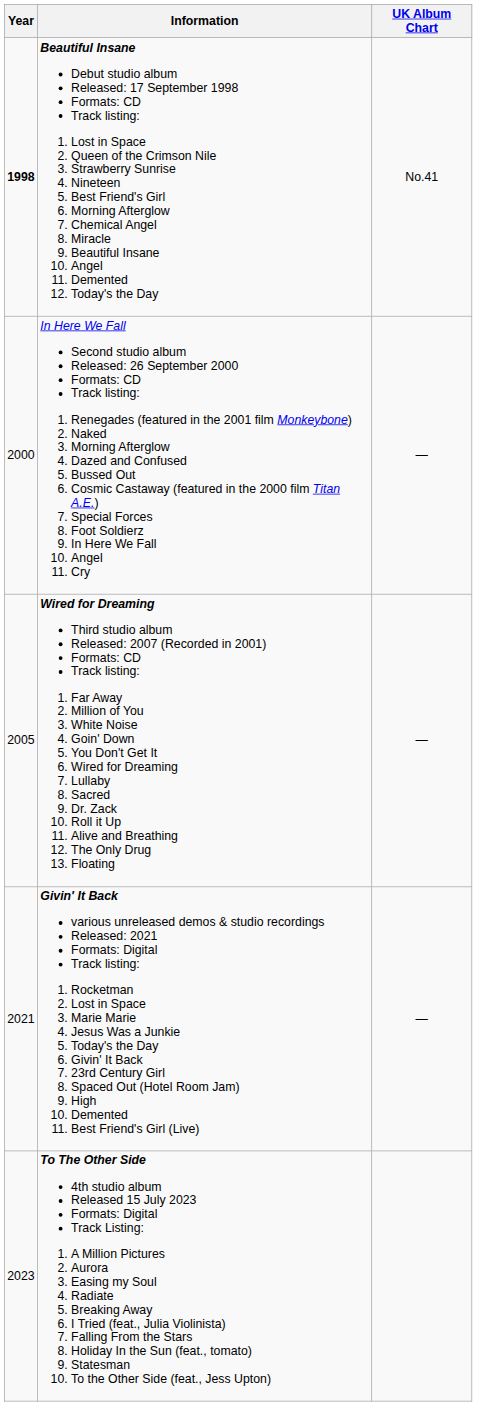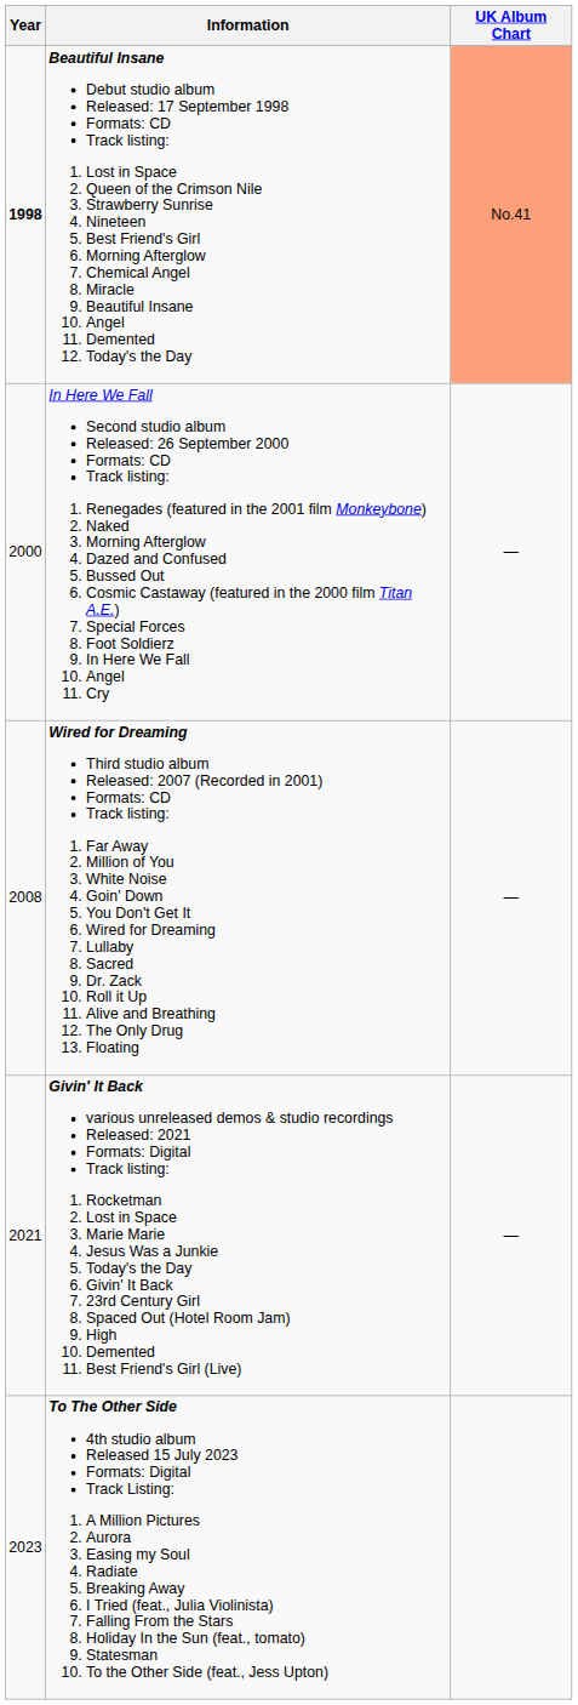 <table class="wikitable">
 <tr style="background:#b0c4de; text-align:center;">
 <th>Year</th>
 <th>Information</th>
 <th><a href='#'>UK Album Chart</a></th>
 </tr>
 <tr>
 <td><strong>1998</strong></td>
 <td><strong><em>Beautiful Insane</em></strong><br><ul><li>Debut studio album</li><li>Released: 17 September 1998</li><li>Formats: CD</li><li>Track listing:</li></ul><ol><li>Lost in Space</li><li>Queen of the Crimson Nile</li><li>Strawberry Sunrise</li><li>Nineteen</li><li>Best Friend's Girl</li><li>Morning Afterglow</li><li>Chemical Angel</li><li>Miracle</li><li>Beautiful Insane</li><li>Angel</li><li>Demented</li><li>Today's the Day</li></ol></td>
-<td style="text-align:center;">No.41</td>
+<td style="background: lightsalmon; text-align:center;">No.41</td>
 </tr>
 <tr>
 <td>2000</td>
 <td><em><a href='#'>In Here We Fall</a></em><br><ul><li>Second studio album</li><li>Released: 26 September 2000</li><li>Formats: CD</li><li>Track listing:</li></ul><ol><li>Renegades (featured in the 2001 film <em><a href='#'>Monkeybone</a></em>)</li><li>Naked</li><li>Morning Afterglow</li><li>Dazed and Confused</li><li>Bussed Out</li><li>Cosmic Castaway (featured in the 2000 film <em><a href='#'>Titan A.E.</a></em>)</li><li>Special Forces</li><li>Foot Soldierz</li><li>In Here We Fall</li><li>Angel</li><li>Cry</li></ol></td>
 <td style="text-align:center;">—</td>
 </tr>
 <tr>
-<td>2005</td>
+<td>2008</td>
 <td><strong><em>Wired for Dreaming</em></strong><br><ul><li>Third studio album</li><li>Released: 2007 (Recorded in 2001)</li><li>Formats: CD</li><li>Track listing:</li></ul><ol><li>Far Away</li><li>Million of You</li><li>White Noise</li><li>Goin' Down</li><li>You Don't Get It</li><li>Wired for Dreaming</li><li>Lullaby</li><li>Sacred</li><li>Dr. Zack</li><li>Roll it Up</li><li>Alive and Breathing</li><li>The Only Drug</li><li>Floating</li></ol></td>
 <td style="text-align:center;">—</td>
 </tr>
 <tr>
 <td>2021</td>
 <td><strong><em>Givin' It Back</em></strong><br><ul><li>various unreleased demos & studio recordings</li><li>Released: 2021</li><li>Formats: Digital</li><li>Track listing:</li></ul><ol><li>Rocketman</li><li>Lost in Space</li><li>Marie Marie</li><li>Jesus Was a Junkie</li><li>Today's the Day</li><li>Givin' It Back</li><li>23rd Century Girl</li><li>Spaced Out (Hotel Room Jam)</li><li>High</li><li>Demented</li><li>Best Friend's Girl (Live)</li></ol></td>
 <td style="text-align:center;">—</td>
 </tr>
 <tr>
 <td>2023</td>
 <td><strong><em>To The Other Side</em></strong><br><ul><li>4th studio album</li><li>Released 15 July 2023</li><li>Formats: Digital</li><li>Track Listing:</li></ul><ol><li>A Million Pictures</li><li>Aurora</li><li>Easing my Soul</li><li>Radiate</li><li>Breaking Away</li><li>I Tried (feat., Julia Violinista)</li><li>Falling From the Stars</li><li>Holiday In the Sun (feat., tomato)</li><li>Statesman</li><li>To the Other Side (feat., Jess Upton)</li></ol></td>
 <td></td>
 </tr>
 </table>
